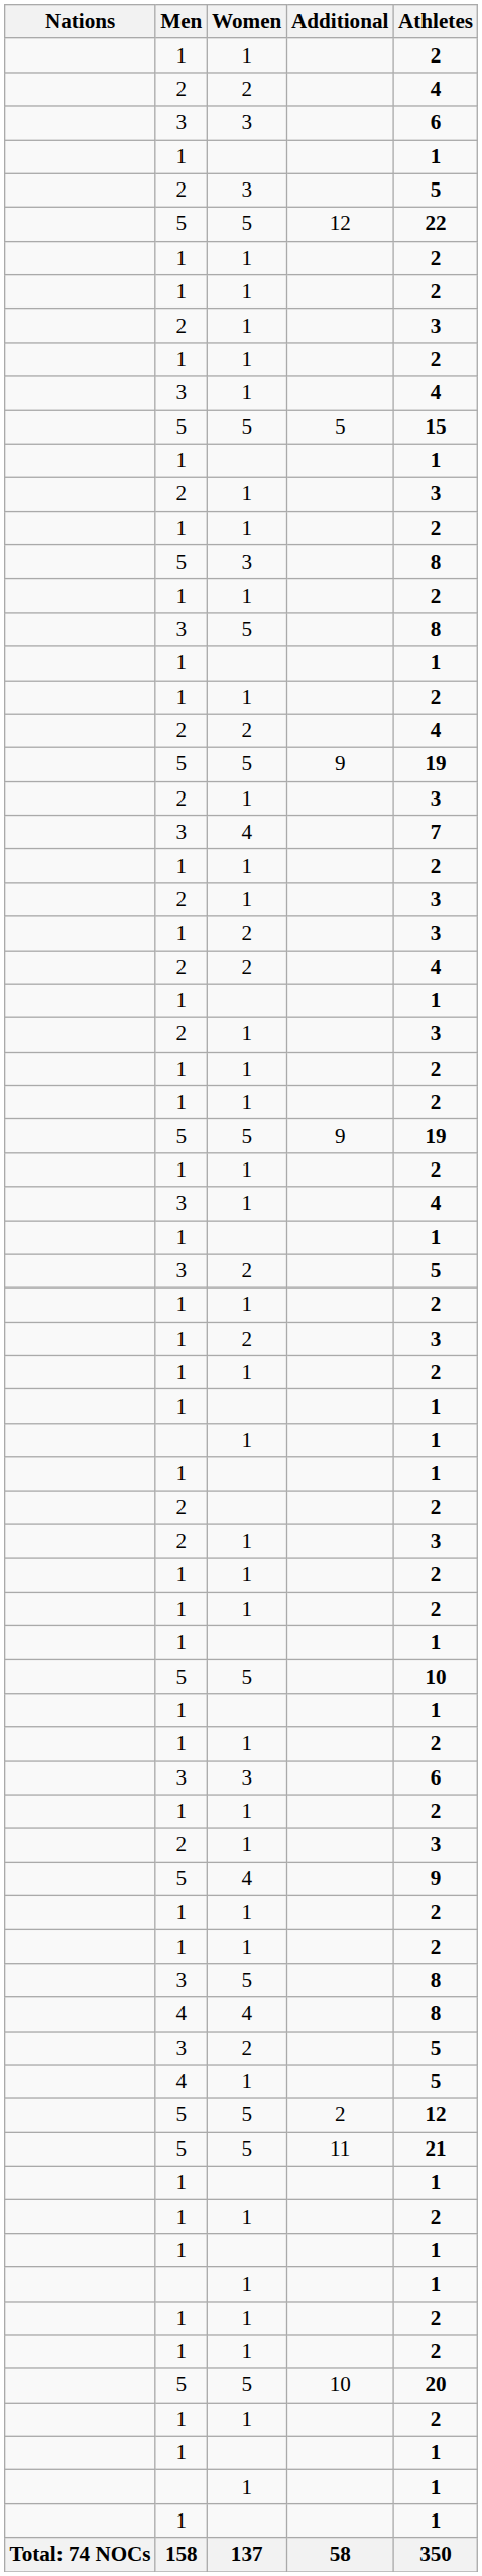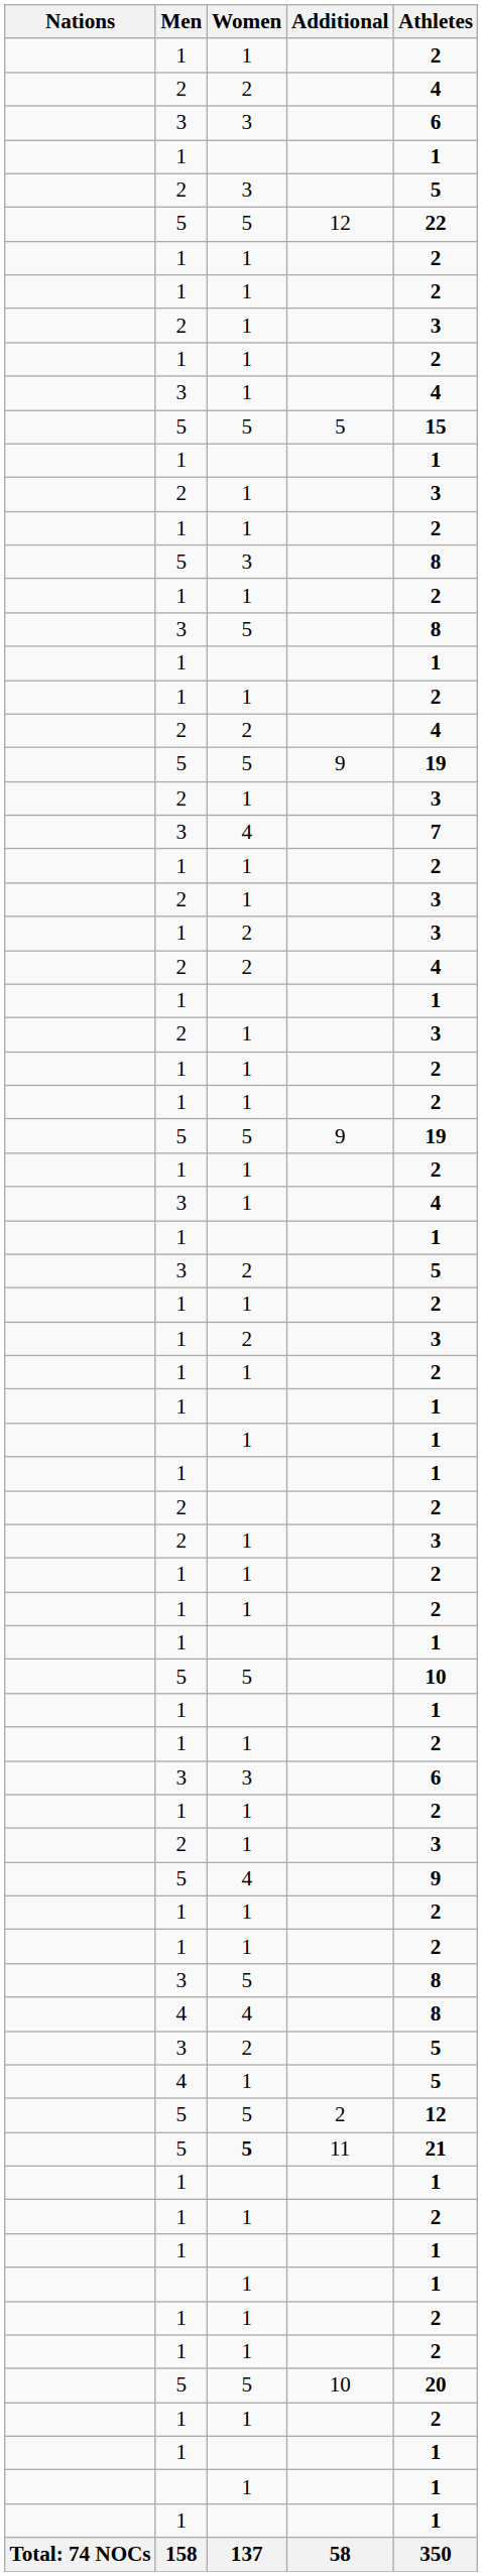 <table class="wikitable sortable" style="text-align:center;">
 <tr>
 <th>Nations</th>
 <th>Men</th>
 <th>Women</th>
 <th>Additional</th>
 <th>Athletes</th>
 </tr>
 <tr>
 <td align="left"></td>
 <td>1</td>
 <td>1</td>
 <td></td>
 <td><strong>2</strong></td>
 </tr>
 <tr>
 <td align="left"></td>
 <td>2</td>
 <td>2</td>
 <td></td>
 <td><strong>4</strong></td>
 </tr>
 <tr>
 <td align="left"></td>
 <td>3</td>
 <td>3</td>
 <td></td>
 <td><strong>6</strong></td>
 </tr>
 <tr>
 <td align="left"></td>
 <td>1</td>
 <td></td>
 <td></td>
 <td><strong>1</strong></td>
 </tr>
 <tr>
 <td align="left"></td>
 <td>2</td>
 <td>3</td>
 <td></td>
 <td><strong>5</strong></td>
 </tr>
 <tr>
 <td align="left"></td>
 <td>5</td>
 <td>5</td>
 <td>12</td>
 <td><strong>22</strong></td>
 </tr>
 <tr>
 <td align="left"></td>
 <td>1</td>
 <td>1</td>
 <td></td>
 <td><strong>2</strong></td>
 </tr>
 <tr>
 <td align="left"></td>
 <td>1</td>
 <td>1</td>
 <td></td>
 <td><strong>2</strong></td>
 </tr>
 <tr>
 <td align="left"></td>
 <td>2</td>
 <td>1</td>
 <td></td>
 <td><strong>3</strong></td>
 </tr>
 <tr>
 <td align="left"></td>
 <td>1</td>
 <td>1</td>
 <td></td>
 <td><strong>2</strong></td>
 </tr>
 <tr>
 <td align="left"></td>
 <td>3</td>
 <td>1</td>
 <td></td>
 <td><strong>4</strong></td>
 </tr>
 <tr>
 <td align="left"></td>
 <td>5</td>
 <td>5</td>
 <td>5</td>
 <td><strong>15</strong></td>
 </tr>
 <tr>
 <td align="left"></td>
 <td>1</td>
 <td></td>
 <td></td>
 <td><strong>1</strong></td>
 </tr>
 <tr>
 <td align="left"></td>
 <td>2</td>
 <td>1</td>
 <td></td>
 <td><strong>3</strong></td>
 </tr>
 <tr>
 <td align="left"></td>
 <td>1</td>
 <td>1</td>
 <td></td>
 <td><strong>2</strong></td>
 </tr>
 <tr>
 <td align="left"></td>
 <td>5</td>
 <td>3</td>
 <td></td>
 <td><strong>8</strong></td>
 </tr>
 <tr>
 <td align="left"></td>
 <td>1</td>
 <td>1</td>
 <td></td>
 <td><strong>2</strong></td>
 </tr>
 <tr>
 <td align="left"></td>
 <td>3</td>
 <td>5</td>
 <td></td>
 <td><strong>8</strong></td>
 </tr>
 <tr>
 <td align="left"></td>
 <td>1</td>
 <td></td>
 <td></td>
 <td><strong>1</strong></td>
 </tr>
 <tr>
 <td align="left"></td>
 <td>1</td>
 <td>1</td>
 <td></td>
 <td><strong>2</strong></td>
 </tr>
 <tr>
 <td align="left"></td>
 <td>2</td>
 <td>2</td>
 <td></td>
 <td><strong>4</strong></td>
 </tr>
 <tr>
 <td align="left"></td>
 <td>5</td>
 <td>5</td>
 <td>9</td>
 <td><strong>19</strong></td>
 </tr>
 <tr>
 <td align="left"></td>
 <td>2</td>
 <td>1</td>
 <td></td>
 <td><strong>3</strong></td>
 </tr>
 <tr>
 <td align="left"></td>
 <td>3</td>
 <td>4</td>
 <td></td>
 <td><strong>7</strong></td>
 </tr>
 <tr>
 <td align="left"></td>
 <td>1</td>
 <td>1</td>
 <td></td>
 <td><strong>2</strong></td>
 </tr>
 <tr>
 <td align="left"></td>
 <td>2</td>
 <td>1</td>
 <td></td>
 <td><strong>3</strong></td>
 </tr>
 <tr>
 <td align="left"></td>
 <td>1</td>
 <td>2</td>
 <td></td>
 <td><strong>3</strong></td>
 </tr>
 <tr>
 <td align="left"></td>
 <td>2</td>
 <td>2</td>
 <td></td>
 <td><strong>4</strong></td>
 </tr>
 <tr>
 <td align="left"></td>
 <td>1</td>
 <td></td>
 <td></td>
 <td><strong>1</strong></td>
 </tr>
 <tr>
 <td align="left"></td>
 <td>2</td>
 <td>1</td>
 <td></td>
 <td><strong>3</strong></td>
 </tr>
 <tr>
 <td align="left"></td>
 <td>1</td>
 <td>1</td>
 <td></td>
 <td><strong>2</strong></td>
 </tr>
 <tr>
 <td align="left"></td>
 <td>1</td>
 <td>1</td>
 <td></td>
 <td><strong>2</strong></td>
 </tr>
 <tr>
 <td align="left"></td>
 <td>5</td>
 <td>5</td>
 <td>9</td>
 <td><strong>19</strong></td>
 </tr>
 <tr>
 <td align="left"></td>
 <td>1</td>
 <td>1</td>
 <td></td>
 <td><strong>2</strong></td>
 </tr>
 <tr>
 <td align="left"></td>
 <td>3</td>
 <td>1</td>
 <td></td>
 <td><strong>4</strong></td>
 </tr>
 <tr>
 <td align="left"></td>
 <td>1</td>
 <td></td>
 <td></td>
 <td><strong>1</strong></td>
 </tr>
 <tr>
 <td align="left"></td>
 <td>3</td>
 <td>2</td>
 <td></td>
 <td><strong>5</strong></td>
 </tr>
 <tr>
 <td align="left"></td>
 <td>1</td>
 <td>1</td>
 <td></td>
 <td><strong>2</strong></td>
 </tr>
 <tr>
 <td align="left"></td>
 <td>1</td>
 <td>2</td>
 <td></td>
 <td><strong>3</strong></td>
 </tr>
 <tr>
 <td align="left"></td>
 <td>1</td>
 <td>1</td>
 <td></td>
 <td><strong>2</strong></td>
 </tr>
 <tr>
 <td align="left"></td>
 <td>1</td>
 <td></td>
 <td></td>
 <td><strong>1</strong></td>
 </tr>
 <tr>
 <td align="left"></td>
 <td></td>
 <td>1</td>
 <td></td>
 <td><strong>1</strong></td>
 </tr>
 <tr>
 <td align="left"></td>
 <td>1</td>
 <td></td>
 <td></td>
 <td><strong>1</strong></td>
 </tr>
 <tr>
 <td align="left"></td>
 <td>2</td>
 <td></td>
 <td></td>
 <td><strong>2</strong></td>
 </tr>
 <tr>
 <td align="left"></td>
 <td>2</td>
 <td>1</td>
 <td></td>
 <td><strong>3</strong></td>
 </tr>
 <tr>
 <td align="left"></td>
 <td>1</td>
 <td>1</td>
 <td></td>
 <td><strong>2</strong></td>
 </tr>
 <tr>
 <td align="left"></td>
 <td>1</td>
 <td>1</td>
 <td></td>
 <td><strong>2</strong></td>
 </tr>
 <tr>
 <td align="left"></td>
 <td>1</td>
 <td></td>
 <td></td>
 <td><strong>1</strong></td>
 </tr>
 <tr>
 <td align="left"></td>
 <td>5</td>
 <td>5</td>
 <td></td>
 <td><strong>10</strong></td>
 </tr>
 <tr>
 <td align="left"></td>
 <td>1</td>
 <td></td>
 <td></td>
 <td><strong>1</strong></td>
 </tr>
 <tr>
 <td align="left"></td>
 <td>1</td>
 <td>1</td>
 <td></td>
 <td><strong>2</strong></td>
 </tr>
 <tr>
 <td align="left"></td>
 <td>3</td>
 <td>3</td>
 <td></td>
 <td><strong>6</strong></td>
 </tr>
 <tr>
 <td align="left"></td>
 <td>1</td>
 <td>1</td>
 <td></td>
 <td><strong>2</strong></td>
 </tr>
 <tr>
 <td align="left"></td>
 <td>2</td>
 <td>1</td>
 <td></td>
 <td><strong>3</strong></td>
 </tr>
 <tr>
 <td align="left"></td>
 <td>5</td>
 <td>4</td>
 <td></td>
 <td><strong>9</strong></td>
 </tr>
 <tr>
 <td align="left"></td>
 <td>1</td>
 <td>1</td>
 <td></td>
 <td><strong>2</strong></td>
 </tr>
 <tr>
 <td align="left"></td>
 <td>1</td>
 <td>1</td>
 <td></td>
 <td><strong>2</strong></td>
 </tr>
 <tr>
 <td align="left"></td>
 <td>3</td>
 <td>5</td>
 <td></td>
 <td><strong>8</strong></td>
 </tr>
 <tr>
 <td align="left"></td>
 <td>4</td>
 <td>4</td>
 <td></td>
 <td><strong>8</strong></td>
 </tr>
 <tr>
 <td align="left"></td>
 <td>3</td>
 <td>2</td>
 <td></td>
 <td><strong>5</strong></td>
 </tr>
 <tr>
 <td align="left"></td>
 <td>4</td>
 <td>1</td>
 <td></td>
 <td><strong>5</strong></td>
 </tr>
 <tr>
 <td align="left"></td>
 <td>5</td>
 <td>5</td>
 <td>2</td>
 <td><strong>12</strong></td>
 </tr>
 <tr>
 <td align="left"></td>
 <td>5</td>
-<td>5</td>
+<td><strong>5</strong></td>
 <td>11</td>
 <td><strong>21</strong></td>
 </tr>
 <tr>
 <td align="left"></td>
 <td>1</td>
 <td></td>
 <td></td>
 <td><strong>1</strong></td>
 </tr>
 <tr>
 <td align="left"></td>
 <td>1</td>
 <td>1</td>
 <td></td>
 <td><strong>2</strong></td>
 </tr>
 <tr>
 <td align="left"></td>
 <td>1</td>
 <td></td>
 <td></td>
 <td><strong>1</strong></td>
 </tr>
 <tr>
 <td align="left"></td>
 <td></td>
 <td>1</td>
 <td></td>
 <td><strong>1</strong></td>
 </tr>
 <tr>
 <td align="left"></td>
 <td>1</td>
 <td>1</td>
 <td></td>
 <td><strong>2</strong></td>
 </tr>
 <tr>
 <td align="left"></td>
 <td>1</td>
 <td>1</td>
 <td></td>
 <td><strong>2</strong></td>
 </tr>
 <tr>
 <td align="left"></td>
 <td>5</td>
 <td>5</td>
 <td>10</td>
 <td><strong>20</strong></td>
 </tr>
 <tr>
 <td align="left"></td>
 <td>1</td>
 <td>1</td>
 <td></td>
 <td><strong>2</strong></td>
 </tr>
 <tr>
 <td align="left"></td>
 <td>1</td>
 <td></td>
 <td></td>
 <td><strong>1</strong></td>
 </tr>
 <tr>
 <td align="left"></td>
 <td></td>
 <td>1</td>
 <td></td>
 <td><strong>1</strong></td>
 </tr>
 <tr>
 <td align="left"></td>
 <td>1</td>
 <td></td>
 <td></td>
 <td><strong>1</strong></td>
 </tr>
 <tr>
 <th>Total: 74 NOCs</th>
 <th>158</th>
 <th>137</th>
 <th>58</th>
 <th>350</th>
 </tr>
 </table>
